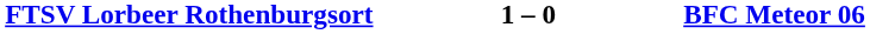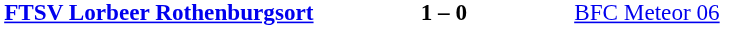 <table width=100% cellspacing=1>
 <tr>
 <th width=25%></th>
 <th width=10%></th>
 <th width=25%></th>
 <th></th>
 </tr>
 <tr style=font-size:90%>
 <td align=right><strong><a href='#'>FTSV Lorbeer Rothenburgsort</a></strong></td>
 <td align=center><strong>1 – 0</strong></td>
-<td><strong><a href='#'>BFC Meteor 06</a></strong></td>
+<td><a href='#'>BFC Meteor 06</a></td>
 </tr>
 </table>
